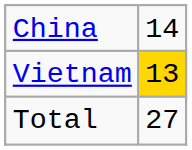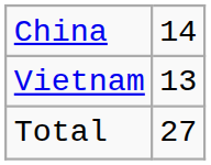 <table class="wikitable" border="1" style="float: right; margin:0 1em 0.5em 1em;">
 <tr>
 <td><a href='#'>China</a></td>
 <td>14</td>
 </tr>
 <tr>
 <td><a href='#'>Vietnam</a></td>
-<td style="background: gold;">13</td>
+<td>13</td>
 </tr>
 <tr>
 <td>Total</td>
 <td>27</td>
 </tr>
 </table>
